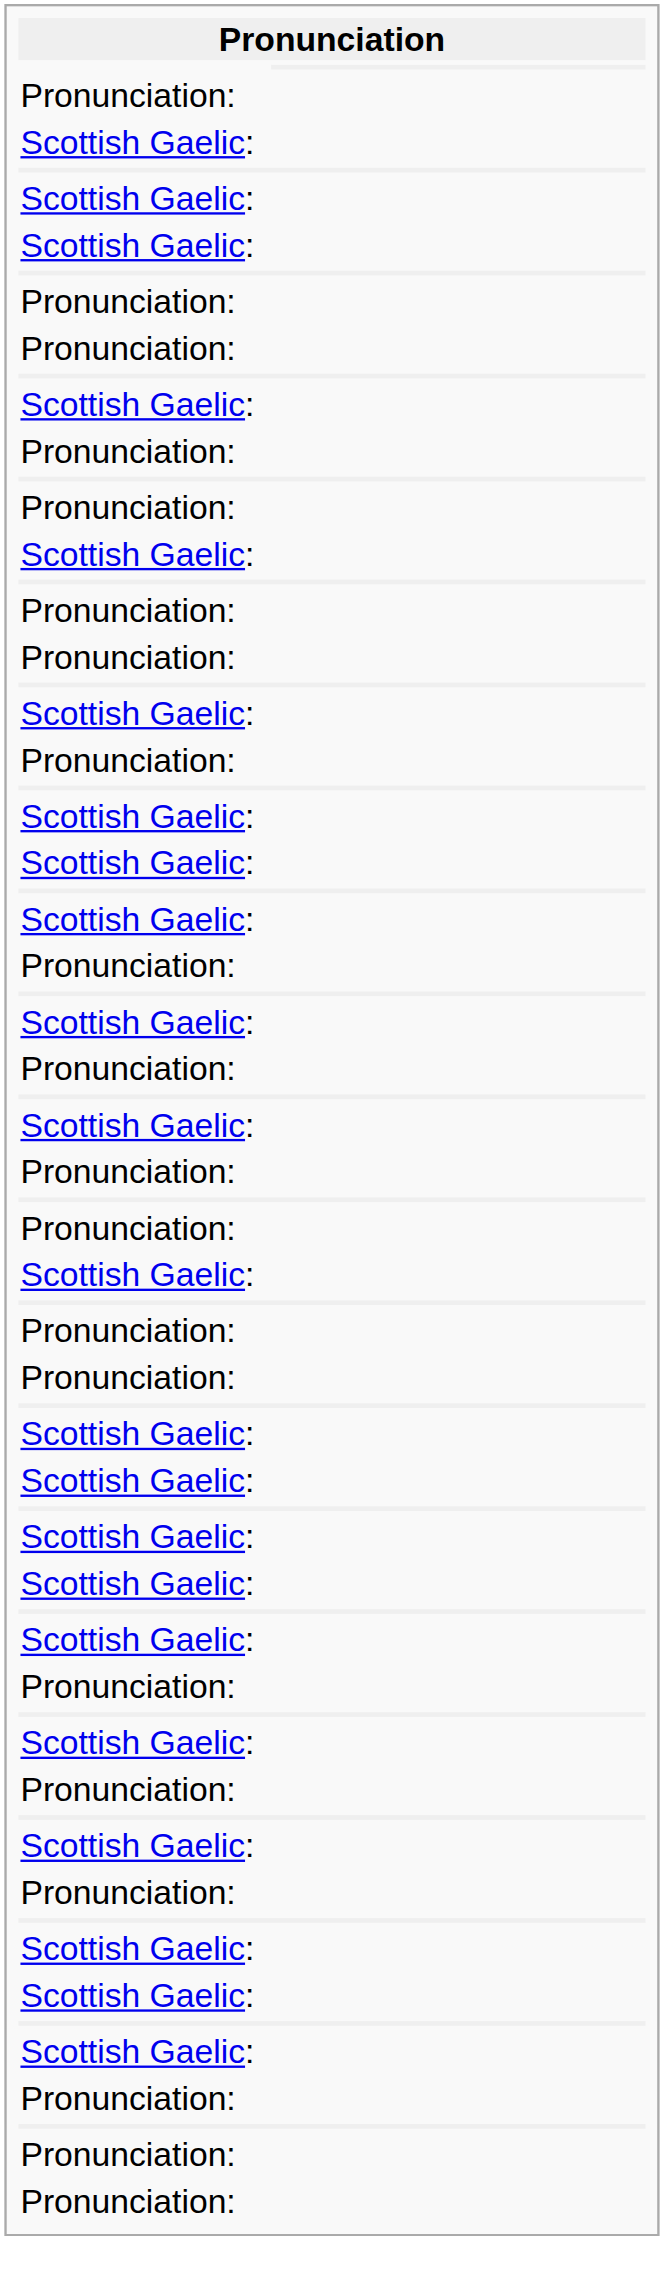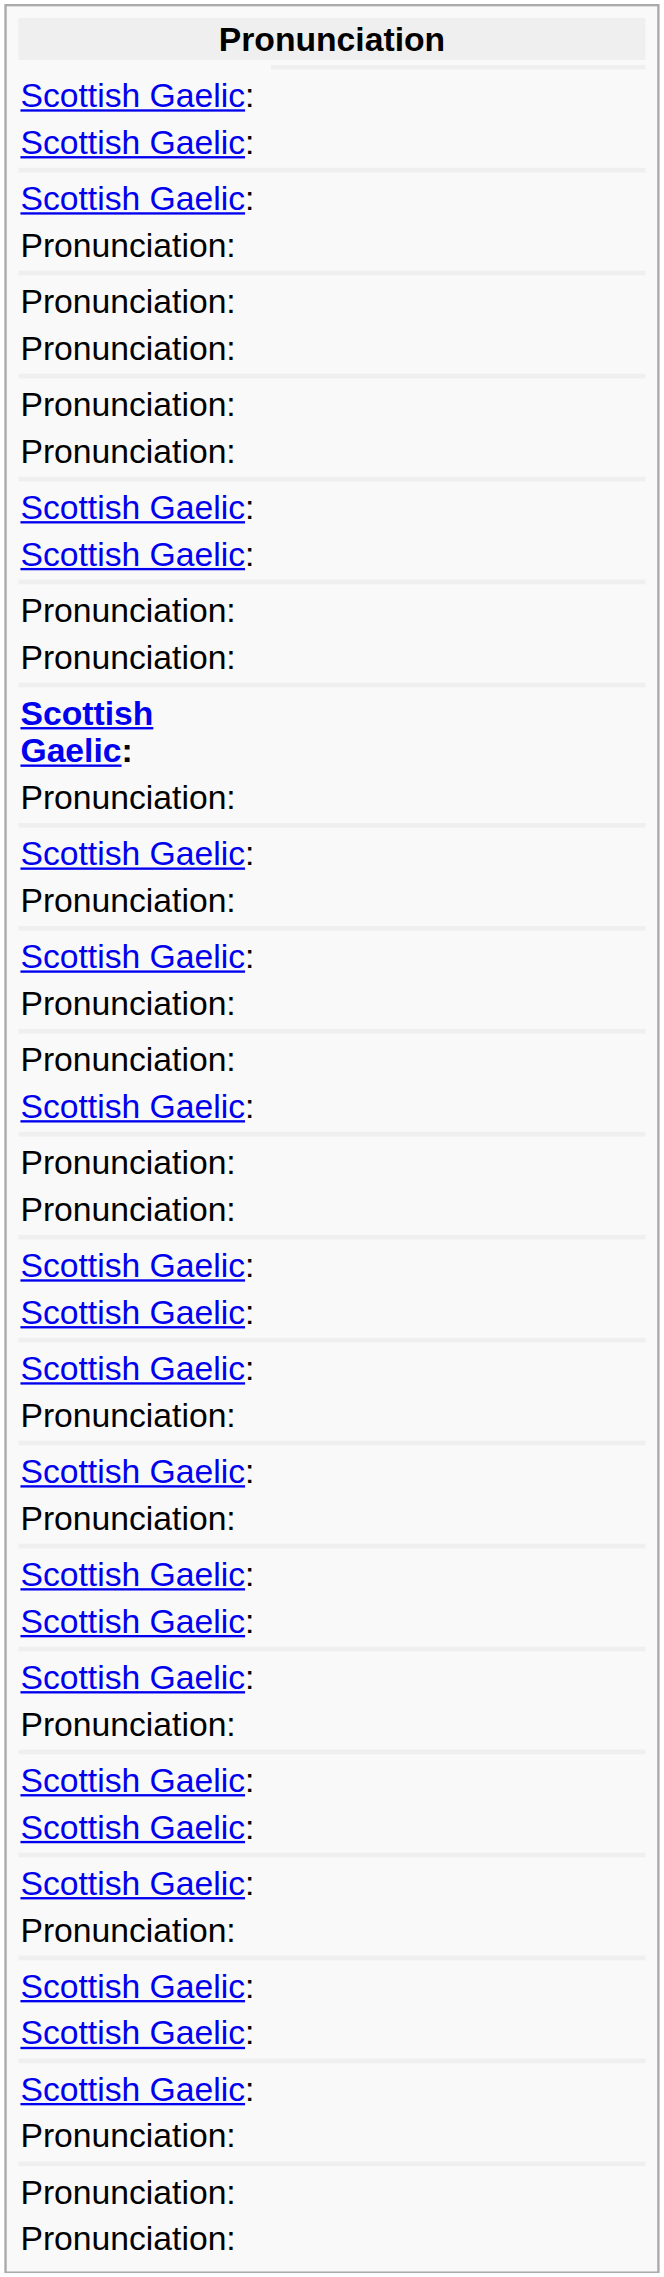 <table class="mw-collapsible infobox mw-collapsed" style="width:280px; font-size:90%;">
 <tr>
 <th colspan="2" style="background:#efefef;">Pronunciation</th>
 </tr>
 <tr style="vertical-align: top;">
 <td style="width: 40%;"></td>
 <th colspan="2" style="background:#efefef;"></th>
 </tr>
 <tr>
+<td><a href='#'>Scottish Gaelic</a>:</td>
+<td></td>
+</tr>
+<tr>
+<td><a href='#'>Scottish Gaelic</a>:</td>
+<td></td>
+</tr>
+<tr>
+<th colspan="2" style="background:#efefef;"></th>
+</tr>
+<tr>
+<td><a href='#'>Scottish Gaelic</a>:</td>
+<td></td>
+</tr>
+<tr>
 <td>Pronunciation:</td>
 <td></td>
 </tr>
 <tr>
-<td><a href='#'>Scottish Gaelic</a>:</td>
+<th colspan="2" style="background:#efefef;"></th>
+</tr>
+<tr>
+<td>Pronunciation:</td>
+<td></td>
+</tr>
+<tr>
+<td>Pronunciation:</td>
+<td></td>
+</tr>
+<tr>
+<th colspan="2" style="background:#efefef;"></th>
+</tr>
+<tr>
+<td>Pronunciation:</td>
+<td></td>
+</tr>
+<tr>
+<td>Pronunciation:</td>
 <td></td>
 </tr>
 <tr>
 <th colspan="2" style="background:#efefef;"></th>
 </tr>
 <tr>
 <td><a href='#'>Scottish Gaelic</a>:</td>
 <td></td>
 </tr>
 <tr>
 <td><a href='#'>Scottish Gaelic</a>:</td>
 <td></td>
 </tr>
 <tr>
 <th colspan="2" style="background:#efefef;"></th>
 </tr>
 <tr>
 <td>Pronunciation:</td>
 <td></td>
 </tr>
 <tr>
 <td>Pronunciation:</td>
 <td></td>
 </tr>
 <tr>
 <th colspan="2" style="background:#efefef;"></th>
 </tr>
 <tr>
-<td><a href='#'>Scottish Gaelic</a>:</td>
-<td></td>
-</tr>
-<tr>
-<td>Pronunciation:</td>
-<td></td>
-</tr>
-<tr>
-<th colspan="2" style="background:#efefef;"></th>
-</tr>
-<tr>
-<td>Pronunciation:</td>
-<td></td>
-</tr>
-<tr>
-<td><a href='#'>Scottish Gaelic</a>:</td>
-<td></td>
-</tr>
-<tr>
-<th colspan="2" style="background:#efefef;"></th>
-</tr>
-<tr>
-<td>Pronunciation:</td>
-<td></td>
-</tr>
-<tr>
-<td>Pronunciation:</td>
-<td></td>
-</tr>
-<tr>
-<th colspan="2" style="background:#efefef;"></th>
-</tr>
-<tr>
-<td><a href='#'>Scottish Gaelic</a>:</td>
-<td></td>
-</tr>
-<tr>
-<td>Pronunciation:</td>
-<td></td>
-</tr>
-<tr>
-<th colspan="2" style="background:#efefef;"></th>
-</tr>
-<tr>
-<td><a href='#'>Scottish Gaelic</a>:</td>
-<td></td>
-</tr>
-<tr>
-<td><a href='#'>Scottish Gaelic</a>:</td>
-<td></td>
-</tr>
-<tr>
-<th colspan="2" style="background:#efefef;"></th>
-</tr>
-<tr>
-<td><a href='#'>Scottish Gaelic</a>:</td>
+<td><strong><a href='#'>Scottish Gaelic</a>:</strong></td>
 <td></td>
 </tr>
 <tr>
 <td>Pronunciation:</td>
 <td></td>
 </tr>
 <tr>
 <th colspan="2" style="background:#efefef;"></th>
 </tr>
 <tr>
 <td><a href='#'>Scottish Gaelic</a>:</td>
 <td></td>
 </tr>
 <tr>
 <td>Pronunciation:</td>
 <td></td>
 </tr>
 <tr>
 <th colspan="2" style="background:#efefef;"></th>
 </tr>
 <tr>
 <td><a href='#'>Scottish Gaelic</a>:</td>
 <td></td>
 </tr>
 <tr>
 <td>Pronunciation:</td>
 <td></td>
 </tr>
 <tr>
 <th colspan="2" style="background:#efefef;"></th>
 </tr>
 <tr>
 <td>Pronunciation:</td>
 <td></td>
 </tr>
 <tr>
 <td><a href='#'>Scottish Gaelic</a>:</td>
 <td></td>
 </tr>
 <tr>
 <th colspan="2" style="background:#efefef;"></th>
 </tr>
 <tr>
 <td>Pronunciation:</td>
 <td></td>
 </tr>
 <tr>
 <td>Pronunciation:</td>
 <td></td>
 </tr>
 <tr>
 <th colspan="2" style="background:#efefef;"></th>
 </tr>
 <tr>
 <td><a href='#'>Scottish Gaelic</a>:</td>
 <td></td>
 </tr>
 <tr>
 <td><a href='#'>Scottish Gaelic</a>:</td>
 <td></td>
 </tr>
 <tr>
 <th colspan="2" style="background:#efefef;"></th>
 </tr>
 <tr>
 <td><a href='#'>Scottish Gaelic</a>:</td>
 <td></td>
 </tr>
 <tr>
+<td>Pronunciation:</td>
+<td></td>
+</tr>
+<tr>
+<th colspan="2" style="background:#efefef;"></th>
+</tr>
+<tr>
+<td><a href='#'>Scottish Gaelic</a>:</td>
+<td></td>
+</tr>
+<tr>
+<td>Pronunciation:</td>
+<td></td>
+</tr>
+<tr>
+<th colspan="2" style="background:#efefef;"></th>
+</tr>
+<tr>
+<td><a href='#'>Scottish Gaelic</a>:</td>
+<td></td>
+</tr>
+<tr>
 <td><a href='#'>Scottish Gaelic</a>:</td>
 <td></td>
 </tr>
 <tr>
 <th colspan="2" style="background:#efefef;"></th>
 </tr>
 <tr>
 <td><a href='#'>Scottish Gaelic</a>:</td>
 <td></td>
 </tr>
 <tr>
 <td>Pronunciation:</td>
 <td></td>
 </tr>
 <tr>
 <th colspan="2" style="background:#efefef;"></th>
 </tr>
 <tr>
 <td><a href='#'>Scottish Gaelic</a>:</td>
 <td></td>
 </tr>
 <tr>
-<td>Pronunciation:</td>
+<td><a href='#'>Scottish Gaelic</a>:</td>
 <td></td>
 </tr>
 <tr>
 <th colspan="2" style="background:#efefef;"></th>
 </tr>
 <tr>
 <td><a href='#'>Scottish Gaelic</a>:</td>
 <td></td>
 </tr>
 <tr>
 <td>Pronunciation:</td>
 <td></td>
 </tr>
 <tr>
 <th colspan="2" style="background:#efefef;"></th>
 </tr>
 <tr>
 <td><a href='#'>Scottish Gaelic</a>:</td>
 <td></td>
 </tr>
 <tr>
 <td><a href='#'>Scottish Gaelic</a>:</td>
 <td></td>
 </tr>
 <tr>
 <th colspan="2" style="background:#efefef;"></th>
 </tr>
 <tr>
 <td><a href='#'>Scottish Gaelic</a>:</td>
 <td></td>
 </tr>
 <tr>
 <td>Pronunciation:</td>
 <td></td>
 </tr>
 <tr>
 <th colspan="2" style="background:#efefef;"></th>
 </tr>
 <tr>
 <td>Pronunciation:</td>
 <td></td>
 </tr>
 <tr>
 <td>Pronunciation:</td>
 <td></td>
 </tr>
 </table>
